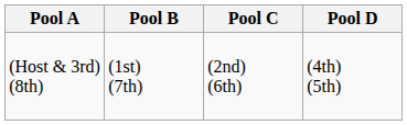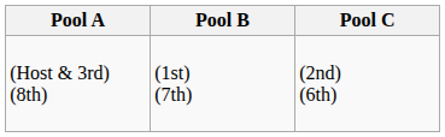 <table class="wikitable">
 <tr>
 <th width=25%>Pool A</th>
 <th width=25%>Pool B</th>
 <th width=25%>Pool C</th>
-<th width=25%>Pool D</th>
 </tr>
 <tr>
 <td><br> (Host & 3rd)<br>  (8th)<br> <br> </td>
 <td><br> (1st)<br>  (7th)<br> <br> </td>
 <td><br> (2nd)<br>  (6th)<br> <br> </td>
-<td><br> (4th)<br>  (5th)<br> <br> </td>
 </tr>
 </table>
